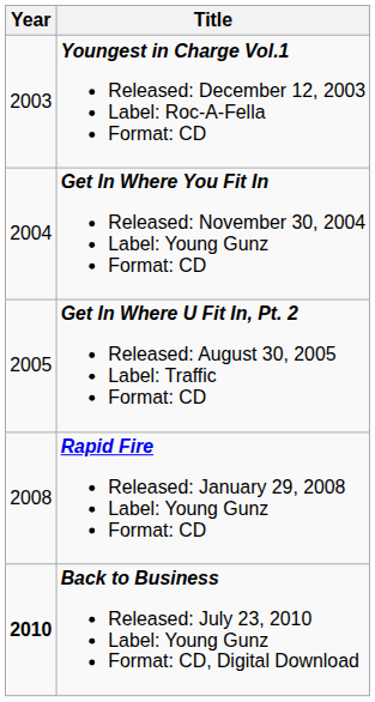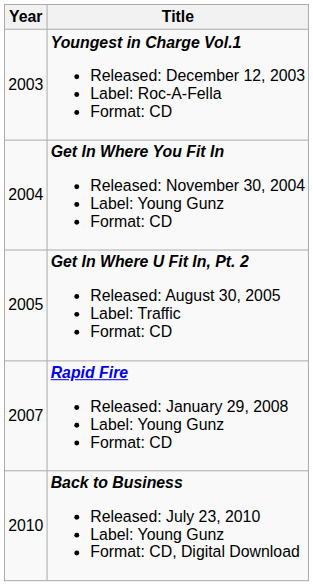 <table class="wikitable" border="1">
 <tr>
 <th align=center>Year</th>
 <th align=center>Title</th>
 </tr>
 <tr>
 <td align=left>2003</td>
 <td align=left><strong><em>Youngest in Charge Vol.1</em></strong><br><ul><li>Released: December 12, 2003</li><li>Label: Roc-A-Fella</li><li>Format: CD</li></ul></td>
 </tr>
 <tr>
 <td align=left>2004</td>
 <td align=left><strong><em>Get In Where You Fit In</em></strong><br><ul><li>Released: November 30, 2004</li><li>Label: Young Gunz</li><li>Format: CD</li></ul></td>
 </tr>
 <tr>
 <td align=left>2005</td>
 <td align=left><strong><em>Get In Where U Fit In, Pt. 2</em></strong><br><ul><li>Released: August 30, 2005</li><li>Label: Traffic</li><li>Format: CD</li></ul></td>
 </tr>
 <tr>
-<td>2008</td>
+<td>2007</td>
 <td><strong><em><a href='#'>Rapid Fire</a></em></strong><br><ul><li>Released: January 29, 2008</li><li>Label: Young Gunz</li><li>Format: CD</li></ul></td>
 </tr>
 <tr>
-<td><strong>2010</strong></td>
+<td>2010</td>
 <td align=left><strong><em>Back to Business</em></strong><br><ul><li>Released: July 23, 2010</li><li>Label: Young Gunz</li><li>Format: CD, Digital Download</li></ul></td>
 </tr>
 </table>
